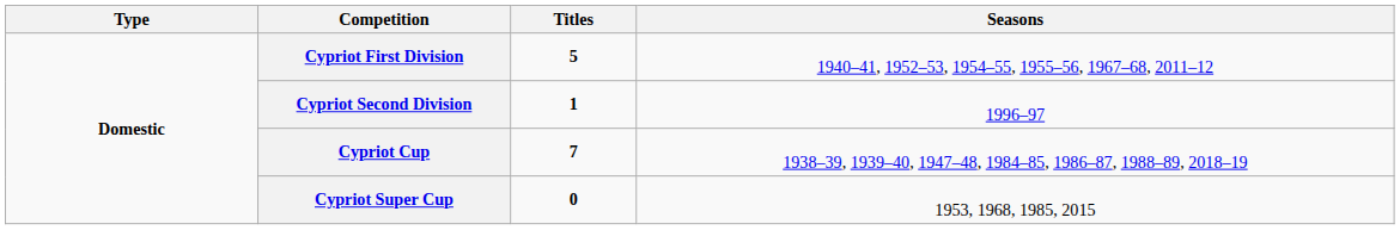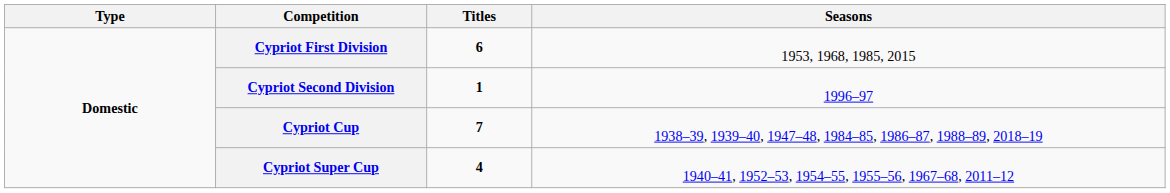 <table class="wikitable plainrowheaders" style="font-size:95%; text-align:center;">
 <tr>
 <th style="width: 10%;">Type</th>
 <th style="width: 10%;">Competition</th>
 <th style="width: 5%;">Titles</th>
 <th style="width: 30%;">Seasons</th>
 </tr>
 <tr>
 <td rowspan="4"><strong>Domestic</strong></td>
 <th scope=col><a href='#'>Cypriot First Division</a></th>
-<td><strong>5</strong></td>
-<td><br><a href='#'>1940–41</a>,  <a href='#'>1952–53</a>,  <a href='#'>1954–55</a>,   <a href='#'>1955–56</a>,  <a href='#'>1967–68</a>,  <a href='#'>2011–12</a></td>
+<td><strong>6</strong></td>
+<td><br>1953,  1968,  1985,  2015</td>
 </tr>
 <tr>
 <th scope=col><a href='#'>Cypriot Second Division</a></th>
 <td><strong>1</strong></td>
 <td><br><a href='#'>1996–97</a></td>
 </tr>
 <tr>
 <th scope=col><a href='#'>Cypriot Cup</a></th>
 <td><strong>7</strong></td>
 <td><br><a href='#'>1938–39</a>, <a href='#'>1939–40</a>, <a href='#'>1947–48</a>, <a href='#'>1984–85</a>, <a href='#'>1986–87</a>, <a href='#'>1988–89</a>, <a href='#'>2018–19</a></td>
 </tr>
 <tr>
 <th scope=col><a href='#'>Cypriot Super Cup</a></th>
-<td><strong>0</strong></td>
-<td><br>1953,  1968,  1985,  2015</td>
+<td><strong>4</strong></td>
+<td><br><a href='#'>1940–41</a>,  <a href='#'>1952–53</a>,  <a href='#'>1954–55</a>,   <a href='#'>1955–56</a>,  <a href='#'>1967–68</a>,  <a href='#'>2011–12</a></td>
 </tr>
 </table>
